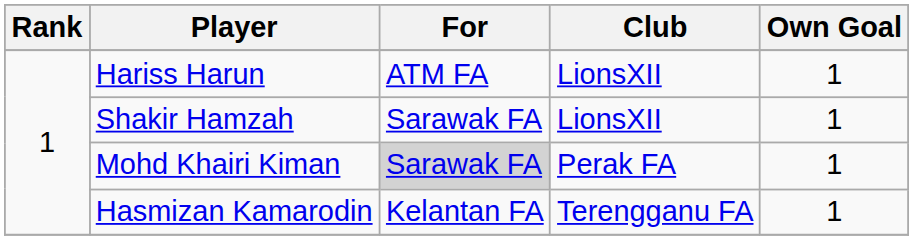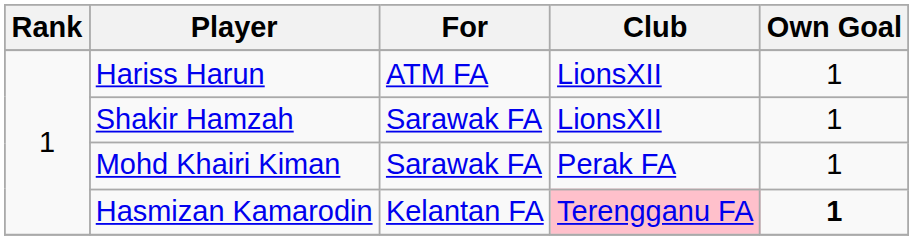 <table class="wikitable" style="text-align:center">
 <tr>
 <th>Rank</th>
 <th>Player</th>
 <th>For</th>
 <th>Club</th>
 <th>Own Goal</th>
 </tr>
 <tr>
 </tr>
 <tr>
 <td rowspan="4">1</td>
 <td align="left"> <a href='#'>Hariss Harun</a></td>
 <td align="left"><a href='#'>ATM FA</a></td>
 <td align="left"><a href='#'>LionsXII</a></td>
 <td rowspan="1">1</td>
 </tr>
 <tr>
 <td align="left"> <a href='#'>Shakir Hamzah</a></td>
 <td align="left"><a href='#'>Sarawak FA</a></td>
 <td align="left"><a href='#'>LionsXII</a></td>
 <td rowspan="1">1</td>
 </tr>
 <tr>
 <td align="left"> <a href='#'>Mohd Khairi Kiman</a></td>
-<td align="left" style="background: lightgrey;"><a href='#'>Sarawak FA</a></td>
+<td align="left"><a href='#'>Sarawak FA</a></td>
 <td align="left"><a href='#'>Perak FA</a></td>
 <td rowspan="1">1</td>
 </tr>
 <tr>
 <td align="left"> <a href='#'>Hasmizan Kamarodin</a></td>
 <td align="left"><a href='#'>Kelantan FA</a></td>
-<td align="left"><a href='#'>Terengganu FA</a></td>
-<td rowspan="1">1</td>
+<td align="left" style="background: pink;"><a href='#'>Terengganu FA</a></td>
+<td rowspan="1"><strong>1</strong></td>
 </tr>
 <tr>
 </tr>
 </table>
